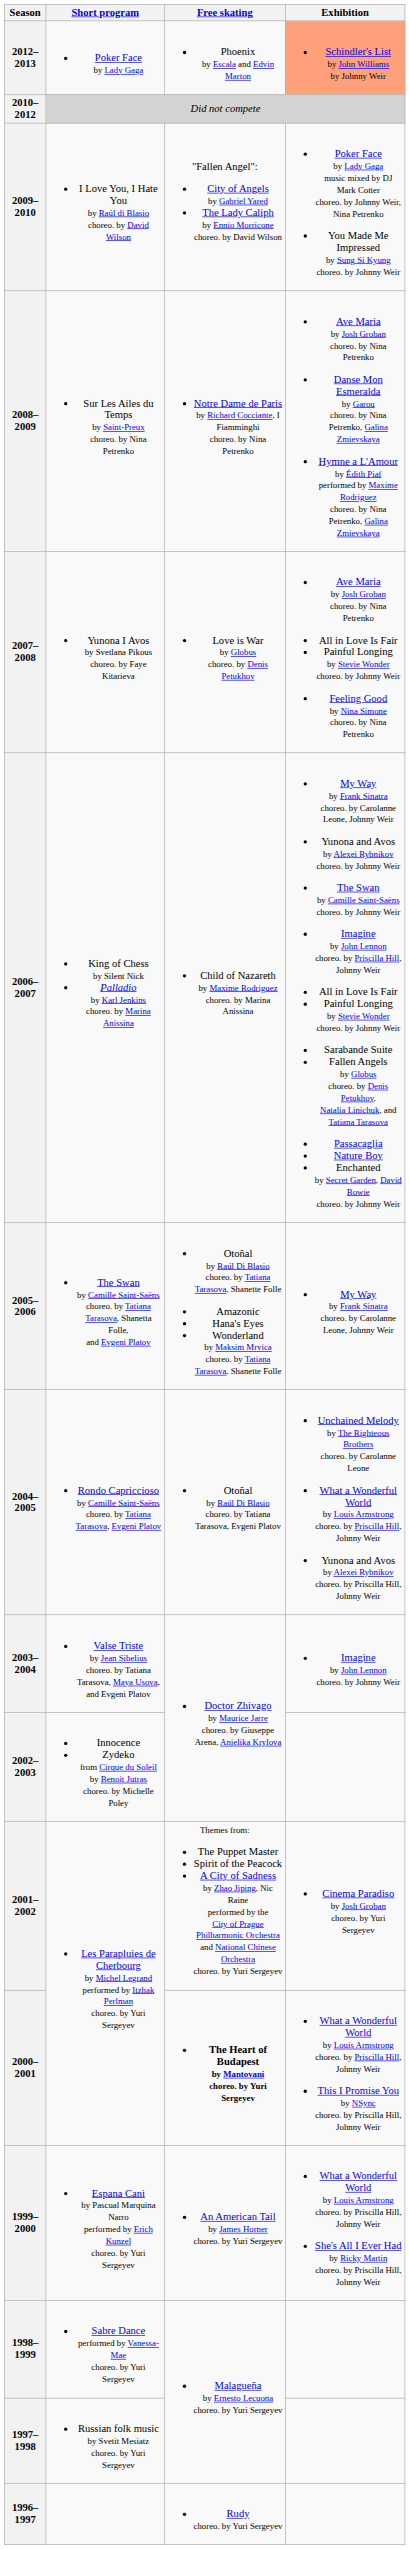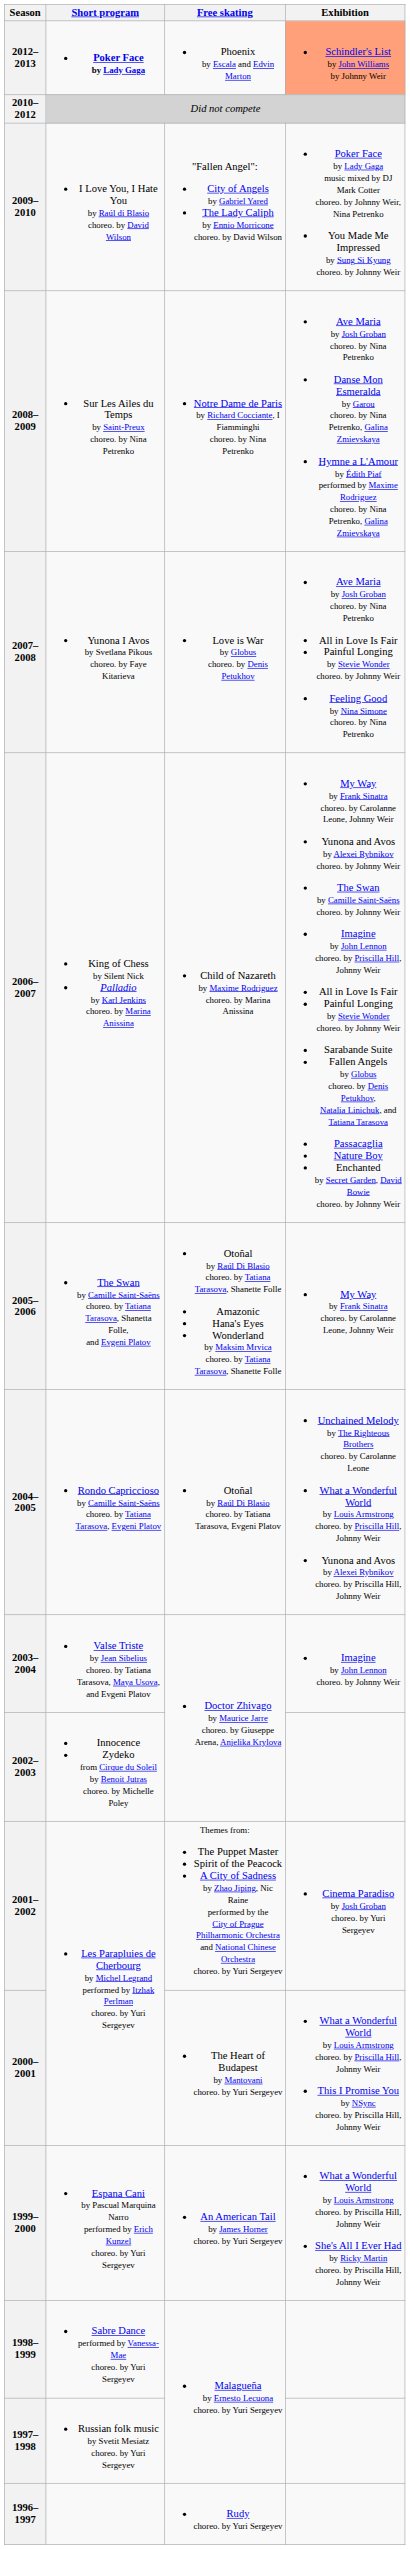 <table class="wikitable unsortable" style="text-align:center;">
 <tr>
 <th scope="col">Season</th>
 <th scope="col"><a href='#'>Short program</a></th>
 <th scope="col"><a href='#'>Free skating</a></th>
 <th scope="col">Exhibition</th>
 </tr>
 <tr>
 <th scope="row">2012–2013 <br></th>
-<td><br><ul><li><a href='#'>Poker Face</a> <br><small> by <a href='#'>Lady Gaga</a> </small></li></ul></td>
+<td><strong><br><ul><li><a href='#'>Poker Face</a> <br><small> by <a href='#'>Lady Gaga</a> </small></li></ul></strong></td>
 <td><br><ul><li>Phoenix <br><small> by <a href='#'>Escala</a> and <a href='#'>Edvin Marton</a> </small></li></ul></td>
 <td style="background: lightsalmon;"><br><ul><li><a href='#'>Schindler's List</a> <br><small> by <a href='#'>John Williams</a> <br>  by Johnny Weir </small></li></ul></td>
 </tr>
 <tr>
 <th scope="row">2010–2012</th>
 <td colspan="3" bgcolor=lightgray><em>Did not compete</em></td>
 </tr>
 <tr>
 <th scope="row">2009–2010 <br></th>
 <td><br><ul><li>I Love You, I Hate You <br><small> by <a href='#'>Raúl di Blasio</a> <br> choreo. by <a href='#'>David Wilson</a> </small></li></ul></td>
 <td>"Fallen Angel":<br><ul><li><a href='#'>City of Angels</a> <br><small> by <a href='#'>Gabriel Yared</a> </small></li><li><a href='#'>The Lady Caliph</a> <br><small> by <a href='#'>Ennio Morricone</a> <br> choreo. by David Wilson</small></li></ul></td>
 <td><br><ul><li><a href='#'>Poker Face</a> <br><small> by <a href='#'>Lady Gaga</a> <br> music mixed by DJ Mark Cotter <br> choreo. by Johnny Weir, Nina Petrenko </small></li></ul><ul><li>You Made Me Impressed <br><small> by <a href='#'>Sung Si Kyung</a><br> choreo. by Johnny Weir</small></li></ul></td>
 </tr>
 <tr>
 <th scope="row">2008–2009 <br></th>
 <td><br><ul><li>Sur Les Ailes du Temps <br><small> by <a href='#'>Saint-Preux</a> <br> choreo. by Nina Petrenko </small></li></ul></td>
 <td><br><ul><li><a href='#'>Notre Dame de Paris</a> <br><small> by <a href='#'>Richard Cocciante</a>, I Fiamminghi <br> choreo. by Nina Petrenko </small></li></ul></td>
 <td><br><ul><li><a href='#'>Ave Maria</a> <br> <small> by <a href='#'>Josh Groban</a> <br> choreo. by Nina Petrenko </small></li></ul><ul><li><a href='#'>Danse Mon Esmeralda</a> <br><small> by <a href='#'>Garou</a> <br> choreo. by Nina Petrenko, <a href='#'>Galina Zmievskaya</a> </small></li></ul><ul><li><a href='#'>Hymne a L'Amour</a> <br><small> by <a href='#'>Édith Piaf</a> <br> performed by <a href='#'>Maxime Rodriguez</a> <br> choreo. by Nina Petrenko, <a href='#'>Galina Zmievskaya</a> </small></li></ul></td>
 </tr>
 <tr>
 <th scope="row">2007–2008 <br></th>
 <td><br><ul><li>Yunona I Avos <br><small>by Svetlana Pikous <br> choreo. by Faye Kitarieva </small></li></ul></td>
 <td><br><ul><li>Love is War <br><small> by <a href='#'>Globus</a> <br> choreo. by <a href='#'>Denis Petukhov</a> </small></li></ul></td>
 <td><br><ul><li><a href='#'>Ave Maria</a> <br><small> by <a href='#'>Josh Groban</a> <br>choreo. by Nina Petrenko </small></li></ul><ul><li>All in Love Is Fair</li><li>Painful Longing <br><small> by <a href='#'>Stevie Wonder</a> <br>choreo. by Johnny Weir </small></li></ul><ul><li><a href='#'>Feeling Good</a> <br><small> by <a href='#'>Nina Simone</a> <br>choreo. by Nina Petrenko </small></li></ul></td>
 </tr>
 <tr>
 <th scope="row">2006–2007 <br></th>
 <td><br><ul><li>King of Chess <br><small> by Silent Nick </small></li><li><em><a href='#'>Palladio</a></em> <br><small> by <a href='#'>Karl Jenkins</a> <br> choreo. by <a href='#'>Marina Anissina</a> </small></li></ul></td>
 <td><br><ul><li>Child of Nazareth <br><small> by <a href='#'>Maxime Rodriguez</a> <br>choreo. by Marina Anissina </small></li></ul></td>
 <td><br><ul><li><a href='#'>My Way</a> <br><small> by <a href='#'>Frank Sinatra</a> <br>choreo. by Carolanne Leone, Johnny Weir </small></li></ul><ul><li>Yunona and Avos <br><small> by <a href='#'>Alexei Rybnikov</a> <br>choreo. by Johnny Weir </small></li></ul><ul><li><a href='#'>The Swan</a> <br><small> by <a href='#'>Camille Saint-Saëns</a> <br>choreo. by Johnny Weir </small></li></ul><ul><li><a href='#'>Imagine</a> <br><small> by <a href='#'>John Lennon</a> <br>choreo. by <a href='#'>Priscilla Hill</a>, Johnny Weir </small></li></ul><ul><li>All in Love Is Fair</li><li>Painful Longing <br><small> by <a href='#'>Stevie Wonder</a> <br> choreo. by Johnny Weir </small></li></ul><ul><li>Sarabande Suite</li><li>Fallen Angels <br><small> by <a href='#'>Globus</a> <br> choreo. by <a href='#'>Denis Petukhov</a>, <br><a href='#'>Natalia Linichuk</a>, and <a href='#'>Tatiana Tarasova</a> </small></li></ul><ul><li><a href='#'>Passacaglia</a></li><li><a href='#'>Nature Boy</a></li><li>Enchanted <br> <small> by <a href='#'>Secret Garden</a>, <a href='#'>David Bowie</a> <br> choreo. by Johnny Weir </small></li></ul></td>
 </tr>
 <tr>
 <th scope="row">2005–2006 <br></th>
 <td><br><ul><li><a href='#'>The Swan</a> <br><small> by <a href='#'>Camille Saint-Saëns</a> <br>choreo. by <a href='#'>Tatiana Tarasova</a>, Shanetta Folle, <br> and <a href='#'>Evgeni Platov</a></small></li></ul></td>
 <td><br><ul><li>Otoñal <br><small> by <a href='#'>Raúl Di Blasio</a> <br> choreo. by <a href='#'>Tatiana Tarasova</a>, Shanette Folle </small></li></ul><ul><li>Amazonic</li><li>Hana's Eyes</li><li>Wonderland <br><small> by <a href='#'>Maksim Mrvica</a> <br> choreo. by <a href='#'>Tatiana Tarasova</a>, Shanette Folle </small></li></ul></td>
 <td><br><ul><li><a href='#'>My Way</a> <br> <small> by <a href='#'>Frank Sinatra</a> <br> choreo. by Carolanne Leone, Johnny Weir </small></li></ul></td>
 </tr>
 <tr>
 <th scope="row">2004–2005 <br></th>
 <td><br><ul><li><a href='#'>Rondo Capriccioso</a> <br><small> by <a href='#'>Camille Saint-Saëns</a> <br> choreo. by <a href='#'>Tatiana Tarasova</a>, <a href='#'>Evgeni Platov</a> </small></li></ul></td>
 <td><br><ul><li>Otoñal <br><small> by <a href='#'>Raúl Di Blasio</a> <br>choreo. by Tatiana Tarasova, Evgeni Platov </small></li></ul></td>
 <td><br><ul><li><a href='#'>Unchained Melody</a> <br><small> by <a href='#'>The Righteous Brothers</a> <br> choreo. by Carolanne Leone </small></li></ul><ul><li><a href='#'>What a Wonderful World</a> <br><small> by <a href='#'>Louis Armstrong</a> <br> choreo. by <a href='#'>Priscilla Hill</a>, Johnny Weir </small></li></ul><ul><li>Yunona and Avos <br> <small> by <a href='#'>Alexei Rybnikov</a> <br> choreo. by Priscilla Hill, Johnny Weir </small></li></ul></td>
 </tr>
 <tr>
 <th scope="row">2003–2004 <br></th>
 <td><br><ul><li><a href='#'>Valse Triste</a> <br><small> by <a href='#'>Jean Sibelius</a> <br> choreo. by Tatiana Tarasova, <a href='#'>Maya Usova</a>, <br> and Evgeni Platov </small></li></ul></td>
 <td rowspan="2"><br><ul><li><a href='#'>Doctor Zhivago</a> <br><small> by <a href='#'>Maurice Jarre</a> <br> choreo. by Giuseppe Arena, <a href='#'>Anjelika Krylova</a> </small></li></ul></td>
 <td><br><ul><li><a href='#'>Imagine</a> <br><small> by <a href='#'>John Lennon</a> <br> choreo. by Johnny Weir </small></li></ul></td>
 </tr>
 <tr>
 <th scope="row">2002–2003 <br></th>
 <td><br><ul><li>Innocence</li><li>Zydeko <br><small> from <a href='#'>Cirque du Soleil</a> <br> by <a href='#'>Benoit Jutras</a> <br> choreo. by Michelle Poley </small></li></ul></td>
 <td></td>
 </tr>
 <tr>
 <th scope="row">2001–2002 <br></th>
 <td rowspan="2"><br><ul><li><a href='#'>Les Parapluies de Cherbourg</a> <br><small> by <a href='#'>Michel Legrand</a> <br> performed by <a href='#'>Itzhak Perlman</a> <br> choreo. by Yuri Sergeyev </small></li></ul></td>
 <td><small>Themes from:</small><br><ul><li>The Puppet Master</li><li>Spirit of the Peacock</li><li><a href='#'>A City of Sadness</a> <br><small> by <a href='#'>Zhao Jiping</a>, Nic Raine <br> performed by the <br> <a href='#'>City of Prague Philharmonic Orchestra</a> <br> and <a href='#'>National Chinese Orchestra</a> <br> choreo. by Yuri Sergeyev </small></li></ul></td>
 <td><br><ul><li><a href='#'>Cinema Paradiso</a> <br><small> by <a href='#'>Josh Groban</a> <br> choreo. by Yuri Sergeyev </small></li></ul></td>
 </tr>
 <tr>
 <th scope="row">2000–2001 <br></th>
-<td><strong><br><ul><li>The Heart of Budapest <br><small> by <a href='#'>Mantovani</a> <br>choreo. by Yuri Sergeyev</small></li></ul></strong></td>
+<td><br><ul><li>The Heart of Budapest <br><small> by <a href='#'>Mantovani</a> <br>choreo. by Yuri Sergeyev</small></li></ul></td>
 <td><br><ul><li><a href='#'>What a Wonderful World</a> <br><small> by <a href='#'>Louis Armstrong</a> <br> choreo. by <a href='#'>Priscilla Hill</a>, Johnny Weir </small></li></ul><ul><li><a href='#'>This I Promise You</a> <br><small> by <a href='#'>NSync</a> <br> choreo. by Priscilla Hill, Johnny Weir </small></li></ul></td>
 </tr>
 <tr>
 <th scope="row">1999–2000 <br></th>
 <td><br><ul><li><a href='#'>Espana Cani</a> <br><small> by Pascual Marquina Narro <br> performed by <a href='#'>Erich Kunzel</a> <br> choreo. by Yuri Sergeyev </small></li></ul></td>
 <td><br><ul><li><a href='#'>An American Tail</a> <br><small> by <a href='#'>James Horner</a> <br> choreo. by Yuri Sergeyev </small></li></ul></td>
 <td><br><ul><li><a href='#'>What a Wonderful World</a> <br><small> by <a href='#'>Louis Armstrong</a> <br> choreo. by Priscilla Hill, Johnny Weir </small></li></ul><ul><li><a href='#'>She's All I Ever Had</a> <br><small> by <a href='#'>Ricky Martin</a> <br> choreo. by Priscilla Hill, Johnny Weir </small></li></ul></td>
 </tr>
 <tr>
 <th scope="row">1998–1999 <br></th>
 <td><br><ul><li><a href='#'>Sabre Dance</a> <br><small>performed by <a href='#'>Vanessa-Mae</a> <br>choreo. by Yuri Sergeyev </small></li></ul></td>
 <td rowspan="2"><br><ul><li><a href='#'>Malagueña</a> <br><small> by <a href='#'>Ernesto Lecuona</a> <br>choreo. by Yuri Sergeyev </small></li></ul></td>
 <td></td>
 </tr>
 <tr>
 <th scope="row">1997–1998 <br></th>
 <td><br><ul><li>Russian folk music <br><small> by Svetit Mesiatz <br> choreo. by Yuri Sergeyev </small></li></ul></td>
 <td></td>
 </tr>
 <tr>
 <th scope="row">1996–1997 <br></th>
 <td></td>
 <td><br><ul><li><a href='#'>Rudy</a> <br><small> choreo. by Yuri Sergeyev </small></li></ul></td>
 <td></td>
 </tr>
 </table>
